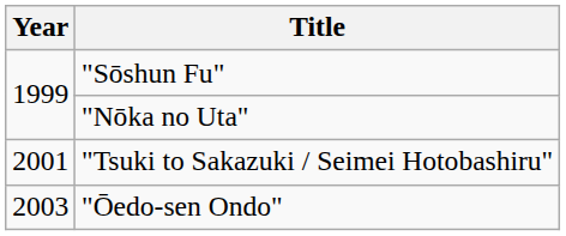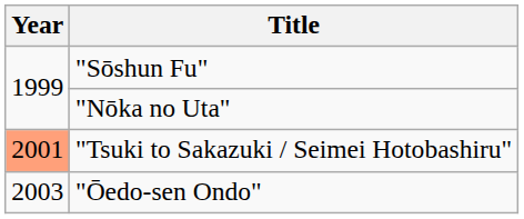 <table class="wikitable">
 <tr>
 <th>Year</th>
 <th>Title</th>
 </tr>
 <tr>
 <td rowspan="2">1999</td>
 <td>"Sōshun Fu"</td>
 </tr>
 <tr>
 <td>"Nōka no Uta"</td>
 </tr>
 <tr>
-<td>2001</td>
+<td style="background: lightsalmon;">2001</td>
 <td>"Tsuki to Sakazuki / Seimei Hotobashiru"</td>
 </tr>
 <tr>
 <td>2003</td>
 <td>"Ōedo-sen Ondo"</td>
 </tr>
 </table>
